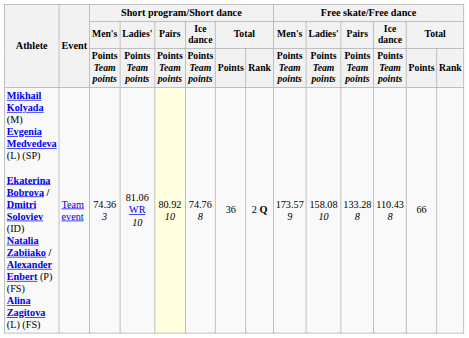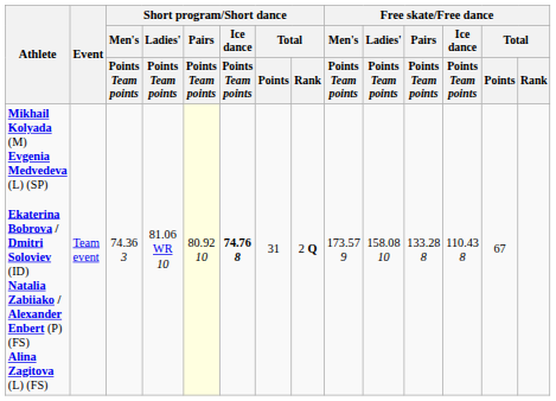 <table class="wikitable" style="font-size:90%">
 <tr>
 <th rowspan="3">Athlete</th>
 <th rowspan="3">Event</th>
 <th colspan="6">Short program/Short dance</th>
 <th colspan="6">Free skate/Free dance</th>
 </tr>
 <tr style="font-size:95%">
 <th>Men's</th>
 <th>Ladies'</th>
 <th>Pairs</th>
 <th>Ice dance</th>
 <th colspan="2">Total</th>
 <th>Men's</th>
 <th>Ladies'</th>
 <th>Pairs</th>
 <th>Ice dance</th>
 <th colspan="2">Total</th>
 </tr>
 <tr style="font-size:95%">
 <th>Points<br><em>Team points</em></th>
 <th>Points<br><em>Team points</em></th>
 <th>Points<br><em>Team points</em></th>
 <th>Points<br><em>Team points</em></th>
 <th>Points</th>
 <th>Rank</th>
 <th>Points<br><em>Team points</em></th>
 <th>Points<br><em>Team points</em></th>
 <th>Points<br><em>Team points</em></th>
 <th>Points<br><em>Team points</em></th>
 <th>Points</th>
 <th>Rank</th>
 </tr>
 <tr align="center">
 <td align="left"><strong><a href='#'>Mikhail Kolyada</a></strong> (M)<br><strong><a href='#'>Evgenia Medvedeva</a></strong> (L) (SP)<br><br><strong><a href='#'>Ekaterina Bobrova</a> / <a href='#'>Dmitri Soloviev</a></strong> (ID)<br><strong><a href='#'>Natalia Zabiiako</a> / <a href='#'>Alexander Enbert</a></strong> (P) (FS)<br><strong><a href='#'>Alina Zagitova</a></strong> (L) (FS)</td>
 <td align="left"><a href='#'>Team event</a></td>
 <td>74.36<br><em>3</em></td>
 <td>81.06 <br> <a href='#'>WR</a><br><em>10</em></td>
 <td style="background: lightyellow;">80.92<br><em>10</em></td>
-<td>74.76<br><em>8</em></td>
-<td>36</td>
+<td><strong>74.76<br><em>8</em></strong></td>
+<td>31</td>
 <td>2 <strong>Q</strong></td>
 <td>173.57<br><em>9</em></td>
 <td>158.08<br><em>10</em></td>
 <td>133.28<br><em>8</em></td>
 <td>110.43<br><em>8</em></td>
-<td>66</td>
+<td>67</td>
 <td></td>
 </tr>
 </table>
